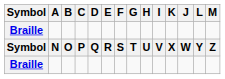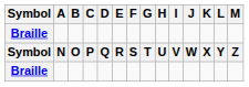 <table class="wikitable" style="text-align:center">
 <tr>
 <th>Symbol</th>
 <th>A</th>
 <th>B</th>
 <th>C</th>
 <th>D</th>
 <th>E</th>
 <th>F</th>
 <th>G</th>
 <th>H</th>
 <th>I</th>
+<th>J</th>
 <th>K</th>
-<th>J</th>
 <th>L</th>
 <th>M</th>
 </tr>
 <tr>
 <th><a href='#'>Braille</a></th>
 <td></td>
 <td></td>
 <td></td>
 <td></td>
 <td></td>
 <td></td>
 <td></td>
 <td></td>
 <td></td>
 <td></td>
 <td></td>
 <td></td>
 <td></td>
 </tr>
 <tr>
 <th>Symbol</th>
 <th>N</th>
 <th>O</th>
 <th>P</th>
 <th>Q</th>
 <th>R</th>
 <th>S</th>
 <th>T</th>
 <th>U</th>
 <th>V</th>
+<th>W</th>
 <th>X</th>
-<th>W</th>
 <th>Y</th>
 <th>Z</th>
 </tr>
 <tr>
 <th><a href='#'>Braille</a></th>
 <td></td>
 <td></td>
 <td></td>
 <td></td>
 <td></td>
 <td></td>
 <td></td>
 <td></td>
 <td></td>
 <td></td>
 <td></td>
 <td></td>
 <td></td>
 </tr>
 </table>
